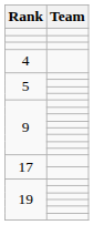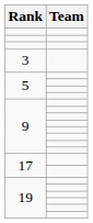 <table class="wikitable">
 <tr>
 <th>Rank</th>
 <th>Team</th>
 </tr>
 <tr>
 <td style="text-align: center;"></td>
 <td></td>
 </tr>
 <tr>
 <td style="text-align: center;"></td>
 <td></td>
 </tr>
 <tr>
 <td style="text-align: center;"></td>
 <td></td>
 </tr>
 <tr>
-<td style="text-align: center;">4</td>
+<td style="text-align: center;">3</td>
 <td></td>
 </tr>
 <tr>
 <td style="text-align: center;" rowspan=4>5</td>
 <td></td>
 </tr>
 <tr>
 <td></td>
 </tr>
 <tr>
 <td></td>
 </tr>
 <tr>
 <td></td>
 </tr>
 <tr>
 <td style="text-align: center;" rowspan=8>9</td>
 <td></td>
 </tr>
 <tr>
 <td></td>
 </tr>
 <tr>
 <td></td>
 </tr>
 <tr>
 <td></td>
 </tr>
 <tr>
 <td></td>
 </tr>
 <tr>
 <td></td>
 </tr>
 <tr>
 <td></td>
 </tr>
 <tr>
 <td></td>
 </tr>
 <tr>
 <td style="text-align: center;" rowspan=2>17</td>
 <td></td>
 </tr>
 <tr>
 <td></td>
 </tr>
 <tr>
 <td style="text-align: center;" rowspan=6>19</td>
 <td></td>
 </tr>
 <tr>
 <td></td>
 </tr>
 <tr>
 <td></td>
 </tr>
 <tr>
 <td></td>
 </tr>
 <tr>
 <td></td>
 </tr>
 <tr>
 <td></td>
 </tr>
 </table>
